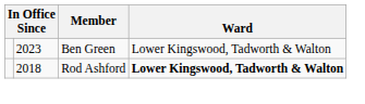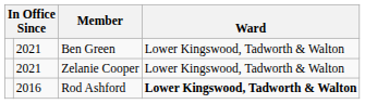 <table class="wikitable">
 <tr>
 <th colspan="2">In Office<br>Since</th>
 <th>Member</th>
 <th><br>Ward</th>
 </tr>
 <tr>
 <td style="background-color: "></td>
-<td>2023</td>
+<td>2021</td>
 <td>Ben Green</td>
 <td>Lower Kingswood, Tadworth & Walton</td>
 </tr>
 <tr>
 <td style="background-color: "></td>
-<td>2018</td>
+<td>2021</td>
+<td>Zelanie Cooper</td>
+<td>Lower Kingswood, Tadworth & Walton</td>
+</tr>
+<tr>
+<td style="background-color: "></td>
+<td>2016</td>
 <td>Rod Ashford</td>
 <td><strong>Lower Kingswood, Tadworth & Walton</strong></td>
 </tr>
 </table>
